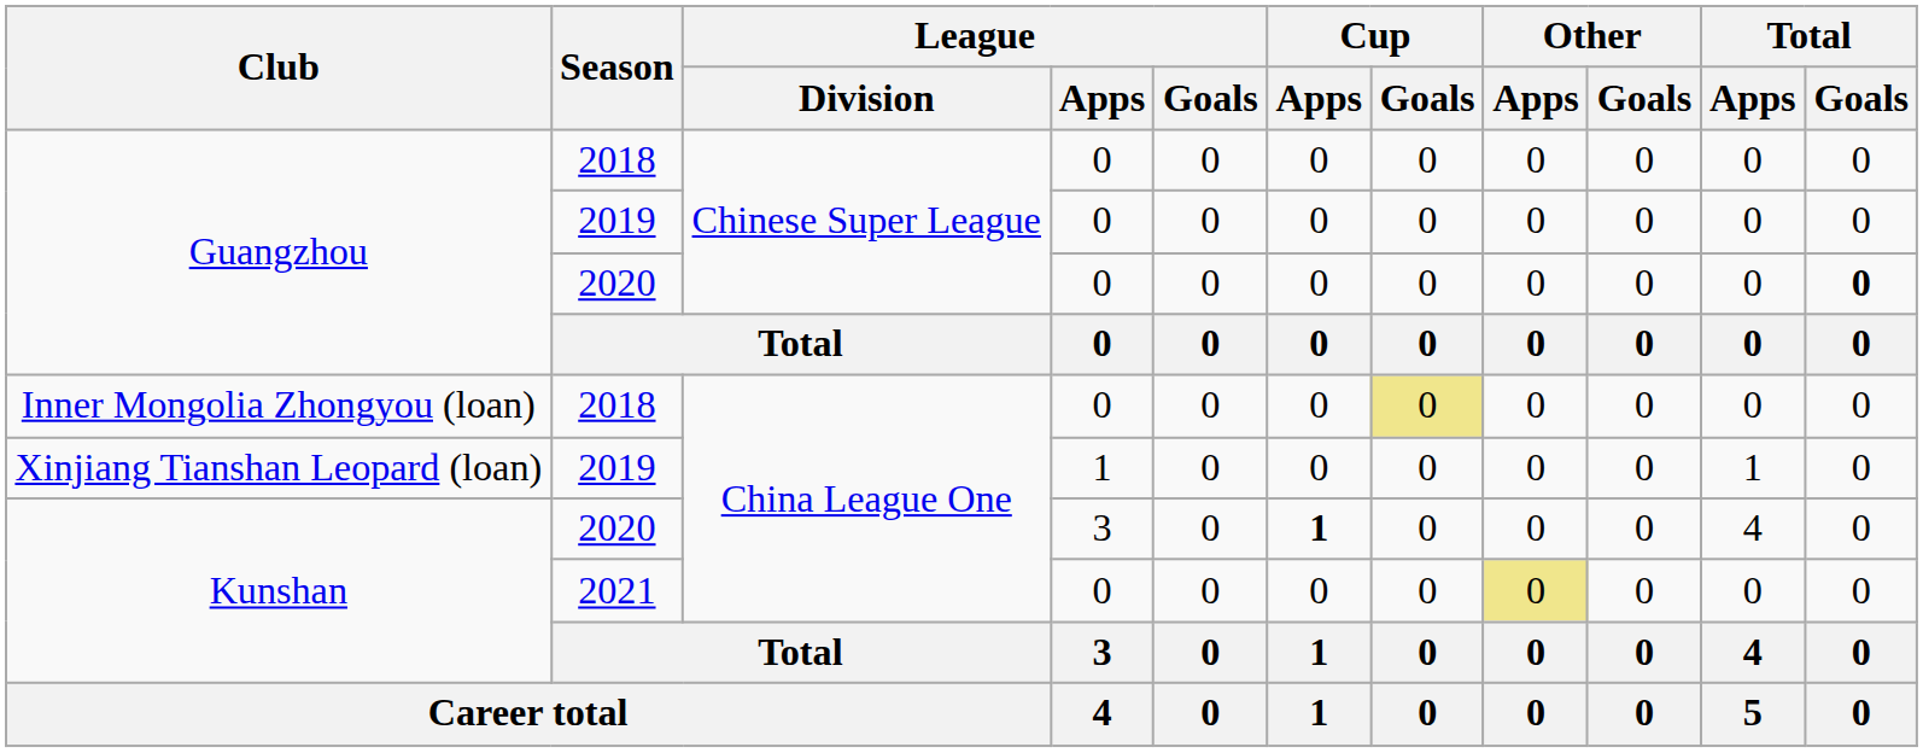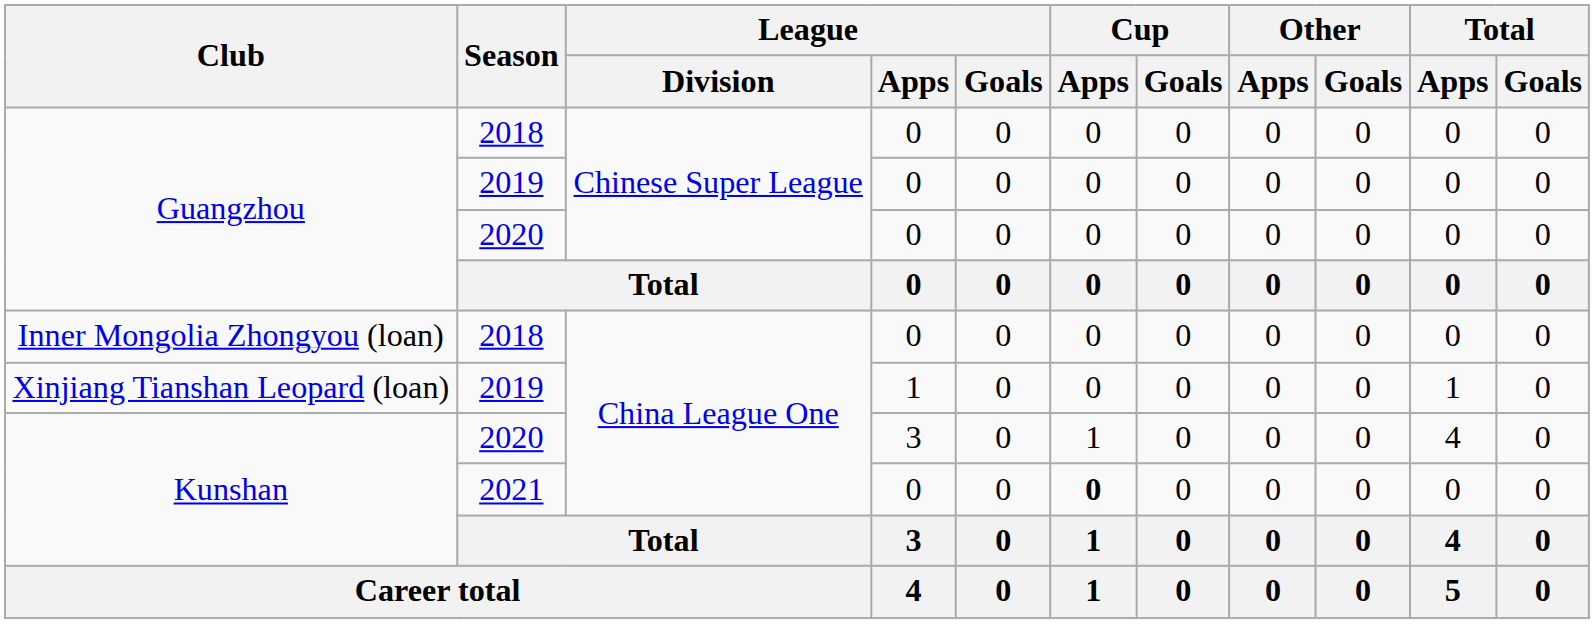 <table class="wikitable" style="text-align: center">
 <tr>
 <th rowspan="2">Club</th>
 <th rowspan="2">Season</th>
 <th colspan="3">League</th>
 <th colspan="2">Cup</th>
 <th colspan="2">Other</th>
 <th colspan="2">Total</th>
 </tr>
 <tr>
 <th>Division</th>
 <th>Apps</th>
 <th>Goals</th>
 <th>Apps</th>
 <th>Goals</th>
 <th>Apps</th>
 <th>Goals</th>
 <th>Apps</th>
 <th>Goals</th>
 </tr>
 <tr>
 <td rowspan="4"><a href='#'>Guangzhou</a></td>
 <td><a href='#'>2018</a></td>
 <td rowspan="3"><a href='#'>Chinese Super League</a></td>
 <td>0</td>
 <td>0</td>
 <td>0</td>
 <td>0</td>
 <td>0</td>
 <td>0</td>
 <td>0</td>
 <td>0</td>
 </tr>
 <tr>
 <td><a href='#'>2019</a></td>
 <td>0</td>
 <td>0</td>
 <td>0</td>
 <td>0</td>
 <td>0</td>
 <td>0</td>
 <td>0</td>
 <td>0</td>
 </tr>
 <tr>
 <td><a href='#'>2020</a></td>
 <td>0</td>
 <td>0</td>
 <td>0</td>
 <td>0</td>
 <td>0</td>
 <td>0</td>
 <td>0</td>
-<td><strong>0</strong></td>
+<td>0</td>
 </tr>
 <tr>
 <th colspan=2>Total</th>
 <th>0</th>
 <th>0</th>
 <th>0</th>
 <th>0</th>
 <th>0</th>
 <th>0</th>
 <th>0</th>
 <th>0</th>
 </tr>
 <tr>
 <td><a href='#'>Inner Mongolia Zhongyou</a> (loan)</td>
 <td><a href='#'>2018</a></td>
 <td rowspan="4"><a href='#'>China League One</a></td>
 <td>0</td>
 <td>0</td>
 <td>0</td>
-<td style="background: khaki;">0</td>
+<td>0</td>
 <td>0</td>
 <td>0</td>
 <td>0</td>
 <td>0</td>
 </tr>
 <tr>
 <td><a href='#'>Xinjiang Tianshan Leopard</a> (loan)</td>
 <td><a href='#'>2019</a></td>
 <td>1</td>
 <td>0</td>
 <td>0</td>
 <td>0</td>
 <td>0</td>
 <td>0</td>
 <td>1</td>
 <td>0</td>
 </tr>
 <tr>
 <td rowspan="3"><a href='#'>Kunshan</a></td>
 <td><a href='#'>2020</a></td>
 <td>3</td>
 <td>0</td>
-<td><strong>1</strong></td>
+<td>1</td>
 <td>0</td>
 <td>0</td>
 <td>0</td>
 <td>4</td>
 <td>0</td>
 </tr>
 <tr>
 <td><a href='#'>2021</a></td>
 <td>0</td>
 <td>0</td>
+<td><strong>0</strong></td>
 <td>0</td>
 <td>0</td>
-<td style="background: khaki;">0</td>
 <td>0</td>
 <td>0</td>
 <td>0</td>
 </tr>
 <tr>
 <th colspan=2>Total</th>
 <th>3</th>
 <th>0</th>
 <th>1</th>
 <th>0</th>
 <th>0</th>
 <th>0</th>
 <th>4</th>
 <th>0</th>
 </tr>
 <tr>
 <th colspan=3>Career total</th>
 <th>4</th>
 <th>0</th>
 <th>1</th>
 <th>0</th>
 <th>0</th>
 <th>0</th>
 <th>5</th>
 <th>0</th>
 </tr>
 </table>
